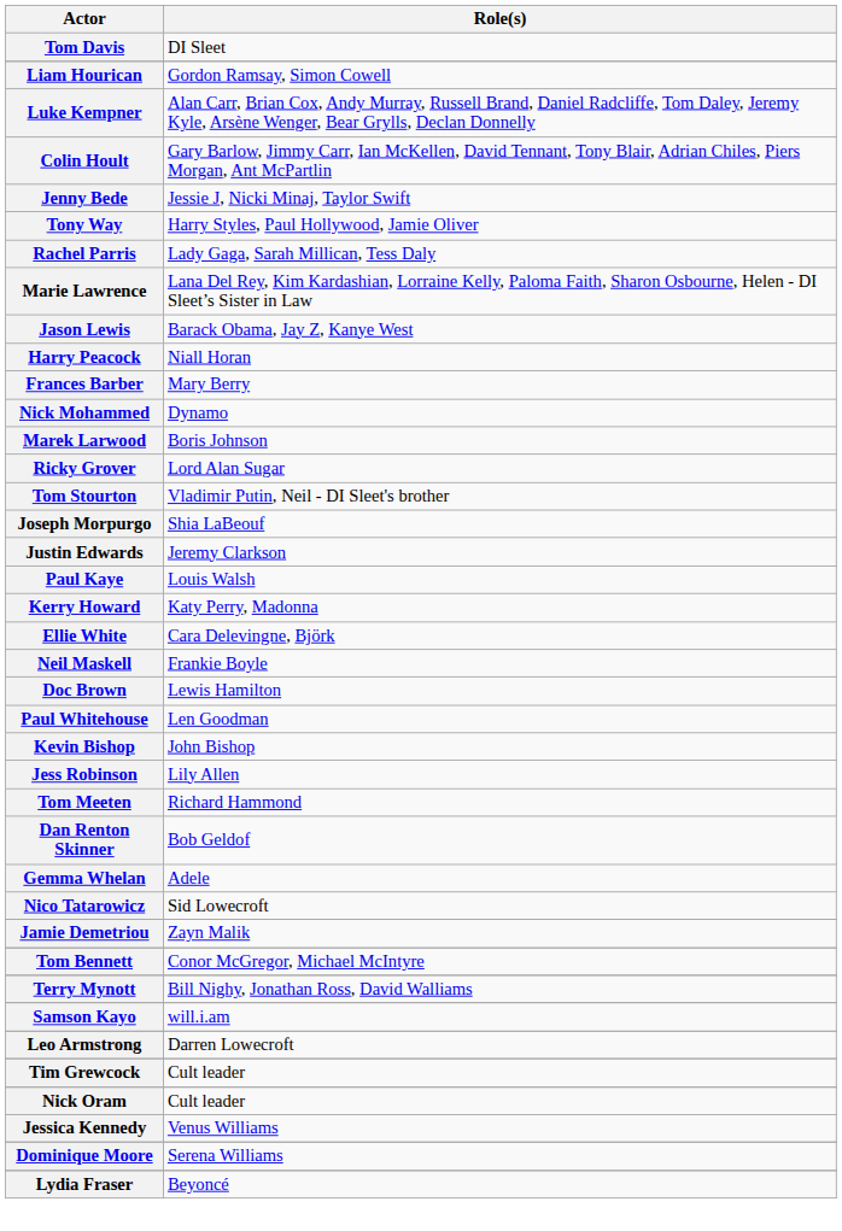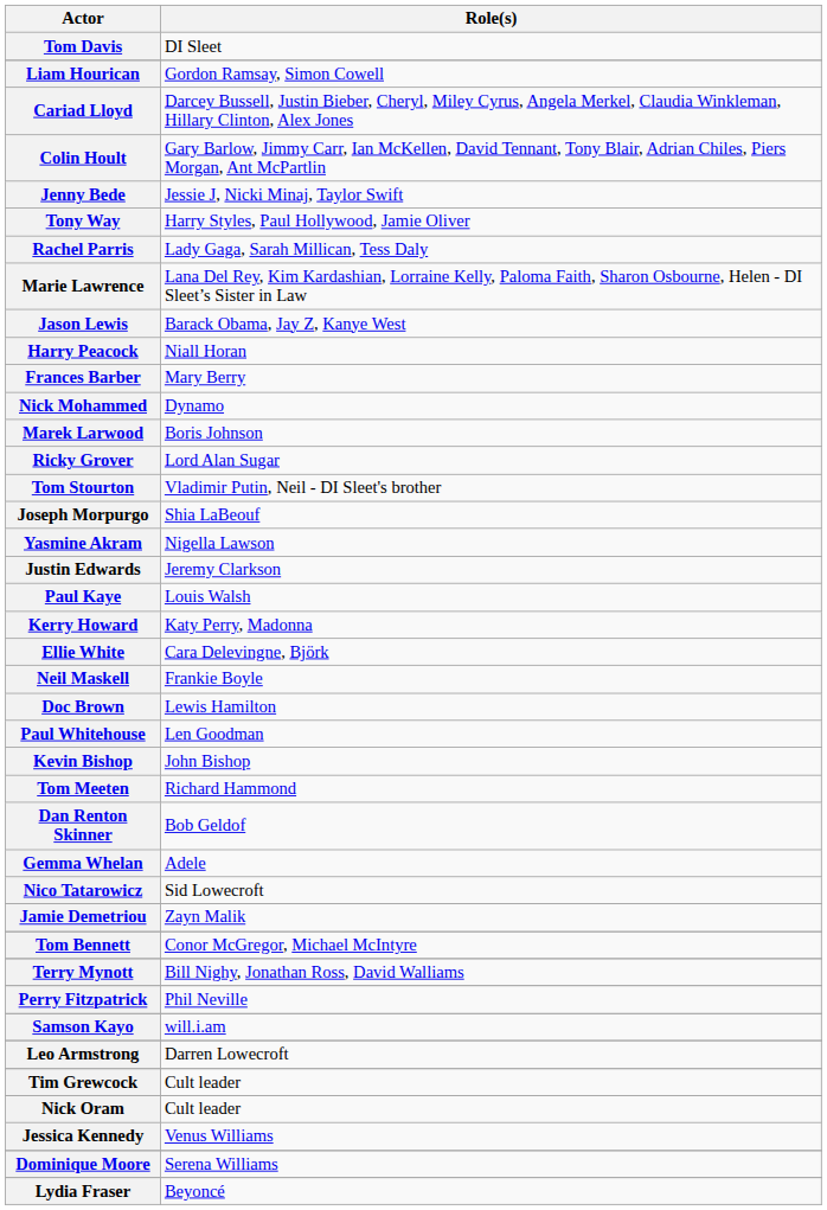 <table class="wikitable sortable" style="width:60%;">
 <tr>
 <th scope="col" style="width:6%;">Actor</th>
 <th scope="col" style="width:37%;">Role(s)</th>
 </tr>
 <tr>
 <th scope="row"><a href='#'>Tom Davis</a></th>
 <td>DI Sleet</td>
 </tr>
 <tr>
 </tr>
 <tr>
 <th scope="row"><a href='#'>Liam Hourican</a></th>
 <td><a href='#'>Gordon Ramsay</a>, <a href='#'>Simon Cowell</a></td>
 </tr>
 <tr>
-<th scope="row"><a href='#'>Luke Kempner</a></th>
-<td><a href='#'>Alan Carr</a>, <a href='#'>Brian Cox</a>, <a href='#'>Andy Murray</a>, <a href='#'>Russell Brand</a>, <a href='#'>Daniel Radcliffe</a>, <a href='#'>Tom Daley</a>, <a href='#'>Jeremy Kyle</a>, <a href='#'>Arsène Wenger</a>, <a href='#'>Bear Grylls</a>, <a href='#'>Declan Donnelly</a></td>
+<th scope="row"><a href='#'>Cariad Lloyd</a></th>
+<td><a href='#'>Darcey Bussell</a>, <a href='#'>Justin Bieber</a>, <a href='#'>Cheryl</a>, <a href='#'>Miley Cyrus</a>, <a href='#'>Angela Merkel</a>, <a href='#'>Claudia Winkleman</a>, <a href='#'>Hillary Clinton</a>, <a href='#'>Alex Jones</a></td>
 </tr>
 <tr>
 <th scope="row"><a href='#'>Colin Hoult</a></th>
 <td><a href='#'>Gary Barlow</a>, <a href='#'>Jimmy Carr</a>, <a href='#'>Ian McKellen</a>, <a href='#'>David Tennant</a>, <a href='#'>Tony Blair</a>, <a href='#'>Adrian Chiles</a>, <a href='#'>Piers Morgan</a>, <a href='#'>Ant McPartlin</a></td>
 </tr>
 <tr>
 <th scope="row"><a href='#'>Jenny Bede</a></th>
 <td><a href='#'>Jessie J</a>, <a href='#'>Nicki Minaj</a>, <a href='#'>Taylor Swift</a></td>
 </tr>
 <tr>
 <th scope="row"><a href='#'>Tony Way</a></th>
 <td><a href='#'>Harry Styles</a>, <a href='#'>Paul Hollywood</a>, <a href='#'>Jamie Oliver</a></td>
 </tr>
 <tr>
 <th scope="row"><a href='#'>Rachel Parris</a></th>
 <td><a href='#'>Lady Gaga</a>, <a href='#'>Sarah Millican</a>, <a href='#'>Tess Daly</a></td>
 </tr>
 <tr>
 <th scope="row">Marie Lawrence</th>
 <td><a href='#'>Lana Del Rey</a>, <a href='#'>Kim Kardashian</a>, <a href='#'>Lorraine Kelly</a>, <a href='#'>Paloma Faith</a>, <a href='#'>Sharon Osbourne</a>, Helen - DI Sleet’s Sister in Law</td>
 </tr>
 <tr>
 <th scope="row"><a href='#'>Jason Lewis</a></th>
 <td><a href='#'>Barack Obama</a>, <a href='#'>Jay Z</a>, <a href='#'>Kanye West</a></td>
 </tr>
 <tr>
 <th scope="row"><a href='#'>Harry Peacock</a></th>
 <td><a href='#'>Niall Horan</a></td>
 </tr>
 <tr>
 <th scope="row"><a href='#'>Frances Barber</a></th>
 <td><a href='#'>Mary Berry</a></td>
 </tr>
 <tr>
 <th scope="row"><a href='#'>Nick Mohammed</a></th>
 <td><a href='#'>Dynamo</a></td>
 </tr>
 <tr>
 <th scope="row"><a href='#'>Marek Larwood</a></th>
 <td><a href='#'>Boris Johnson</a></td>
 </tr>
 <tr>
 <th scope="row"><a href='#'>Ricky Grover</a></th>
 <td><a href='#'>Lord Alan Sugar</a></td>
 </tr>
 <tr>
 <th scope="row"><a href='#'>Tom Stourton</a></th>
 <td><a href='#'>Vladimir Putin</a>, Neil - DI Sleet's brother</td>
 </tr>
 <tr>
 <th scope="row">Joseph Morpurgo</th>
 <td><a href='#'>Shia LaBeouf</a></td>
 </tr>
 <tr>
+<th scope="row"><a href='#'>Yasmine Akram</a></th>
+<td><a href='#'>Nigella Lawson</a></td>
+</tr>
+<tr>
 <th scope="row">Justin Edwards</th>
 <td><a href='#'>Jeremy Clarkson</a></td>
 </tr>
 <tr>
 <th scope="row"><a href='#'>Paul Kaye</a></th>
 <td><a href='#'>Louis Walsh</a></td>
 </tr>
 <tr>
 <th scope="row"><a href='#'>Kerry Howard</a></th>
 <td><a href='#'>Katy Perry</a>, <a href='#'>Madonna</a></td>
 </tr>
 <tr>
 <th scope="row"><a href='#'>Ellie White</a></th>
 <td><a href='#'>Cara Delevingne</a>, <a href='#'>Björk</a></td>
 </tr>
 <tr>
 <th scope="row"><a href='#'>Neil Maskell</a></th>
 <td><a href='#'>Frankie Boyle</a></td>
 </tr>
 <tr>
 <th scope="row"><a href='#'>Doc Brown</a></th>
 <td><a href='#'>Lewis Hamilton</a></td>
 </tr>
 <tr>
 <th scope="row"><a href='#'>Paul Whitehouse</a></th>
 <td><a href='#'>Len Goodman</a></td>
 </tr>
 <tr>
 <th scope="row"><a href='#'>Kevin Bishop</a></th>
 <td><a href='#'>John Bishop</a></td>
-</tr>
-<tr>
-<th scope="row"><a href='#'>Jess Robinson</a></th>
-<td><a href='#'>Lily Allen</a></td>
 </tr>
 <tr>
 <th scope="row"><a href='#'>Tom Meeten</a></th>
 <td><a href='#'>Richard Hammond</a></td>
 </tr>
 <tr>
 <th scope="row"><a href='#'>Dan Renton Skinner</a></th>
 <td><a href='#'>Bob Geldof</a></td>
 </tr>
 <tr>
 <th scope="row"><a href='#'>Gemma Whelan</a></th>
 <td><a href='#'>Adele</a></td>
 </tr>
 <tr>
 <th scope="row"><a href='#'>Nico Tatarowicz</a></th>
 <td>Sid Lowecroft</td>
 </tr>
 <tr>
 </tr>
 <tr>
 <th scope="row"><a href='#'>Jamie Demetriou</a></th>
 <td><a href='#'>Zayn Malik</a></td>
 </tr>
 <tr>
 </tr>
 <tr>
 <th scope="row"><a href='#'>Tom Bennett</a></th>
 <td><a href='#'>Conor McGregor</a>, <a href='#'>Michael McIntyre</a></td>
 </tr>
 <tr>
 </tr>
 <tr>
 <th scope="row"><a href='#'>Terry Mynott</a></th>
 <td><a href='#'>Bill Nighy</a>, <a href='#'>Jonathan Ross</a>, <a href='#'>David Walliams</a></td>
 </tr>
 <tr>
+</tr>
+<tr>
+<th scope="row"><a href='#'>Perry Fitzpatrick</a></th>
+<td><a href='#'>Phil Neville</a></td>
 </tr>
 <tr>
 </tr>
 <tr>
 <th scope="row"><a href='#'>Samson Kayo</a></th>
 <td><a href='#'>will.i.am</a></td>
 </tr>
 <tr>
 </tr>
 <tr>
 <th scope="row">Leo Armstrong</th>
 <td>Darren Lowecroft</td>
 </tr>
 <tr>
 </tr>
 <tr>
 <th scope="row">Tim Grewcock</th>
 <td>Cult leader</td>
 </tr>
 <tr>
 </tr>
 <tr>
 <th scope="row">Nick Oram</th>
 <td>Cult leader</td>
 </tr>
 <tr>
 <th scope="row">Jessica Kennedy</th>
 <td><a href='#'>Venus Williams</a></td>
 </tr>
 <tr>
 </tr>
 <tr>
 <th scope="row"><a href='#'>Dominique Moore</a></th>
 <td><a href='#'>Serena Williams</a></td>
 </tr>
 <tr>
 </tr>
 <tr>
 <th scope="row">Lydia Fraser</th>
 <td><a href='#'>Beyoncé</a></td>
 </tr>
 </table>
